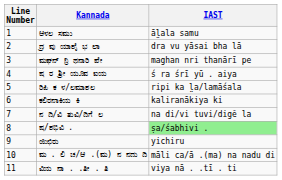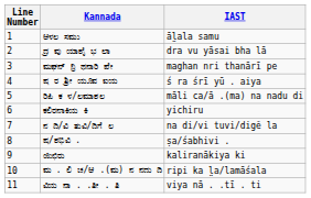 <table class="wikitable">
 <tr>
 <th>Line<br>Number</th>
 <th><a href='#'>Kannada</a></th>
 <th><a href='#'>IAST</a></th>
 </tr>
 <tr>
 <td>1</td>
 <td>ಆಳಲ ಸಮು</td>
 <td>āl̤ala samu</td>
 </tr>
 <tr>
 <td>2</td>
 <td>ದ್ರ ವು ಯಾಶೈ ಭ ಲಾ</td>
 <td>dra vu yāsai bha lā</td>
 </tr>
 <tr>
 <td>3</td>
 <td>ಮಘನ್‌ ನ್ರಿ ಥನಾರಿ ಪೇ</td>
 <td>maghan nri thanārī pe</td>
 </tr>
 <tr>
 <td>4</td>
 <td>ಷ ರ ಶ್ರೀ ಯೂವ ಐಯ</td>
 <td>ś ra śrī yū . aiya</td>
 </tr>
 <tr>
 <td>5</td>
 <td>ರಿಪಿ ಕ ಳ/ಲಮಾಶಲ</td>
-<td>ripi ka l̤a/lamāśala</td>
+<td>māli ca/ā .(ma) na nadu di</td>
 </tr>
 <tr>
 <td>6</td>
 <td>ಕಲಿರನಾಕಿಯ ಕಿ</td>
-<td>kaliranākiya ki</td>
+<td>yichiru</td>
 </tr>
 <tr>
 <td>7</td>
 <td>ನ ದಿ/ವಿ ತುವಿ/ದಿಗೆ ಲ</td>
 <td>na di/vi tuvi/digĕ la</td>
 </tr>
 <tr>
 <td>8</td>
 <td>ಷ/ಶಭಿವಿ .</td>
-<td style="background: lightgreen;">ṣa/śabhivi .</td>
+<td>ṣa/śabhivi .</td>
 </tr>
 <tr>
 <td>9</td>
 <td>ಯಿಛಿರು</td>
-<td>yichiru</td>
+<td>kaliranākiya ki</td>
 </tr>
 <tr>
 <td>10</td>
 <td>ಮ . ಲಿ ಚ/ಆ .(ಮ) ನ ನದು ದಿ</td>
-<td>māli ca/ā .(ma) na nadu di</td>
+<td>ripi ka l̤a/lamāśala</td>
 </tr>
 <tr>
 <td>11</td>
 <td>ವಿಯ ನಾ . .ತೀ . ತಿ</td>
 <td>viya nā . .tī . ti</td>
 </tr>
 </table>
